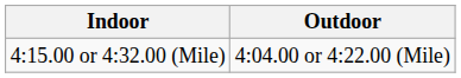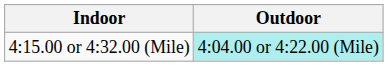 <table class="wikitable" border="1" align="upright">
 <tr>
 <th>Indoor</th>
 <th>Outdoor</th>
 </tr>
 <tr>
 <td>4:15.00 or 4:32.00 (Mile)</td>
-<td>4:04.00 or 4:22.00 (Mile)</td>
+<td style="background: paleturquoise;">4:04.00 or 4:22.00 (Mile)</td>
 </tr>
 </table>
